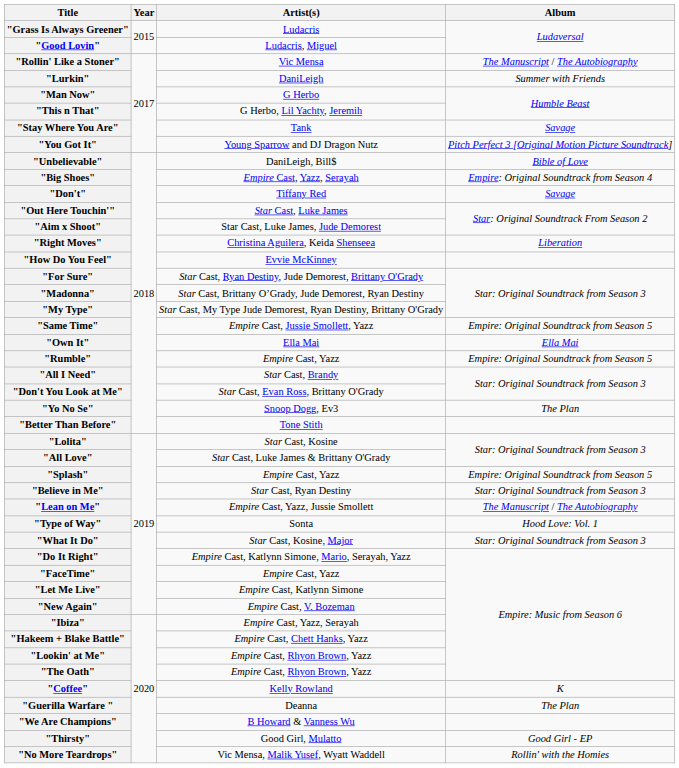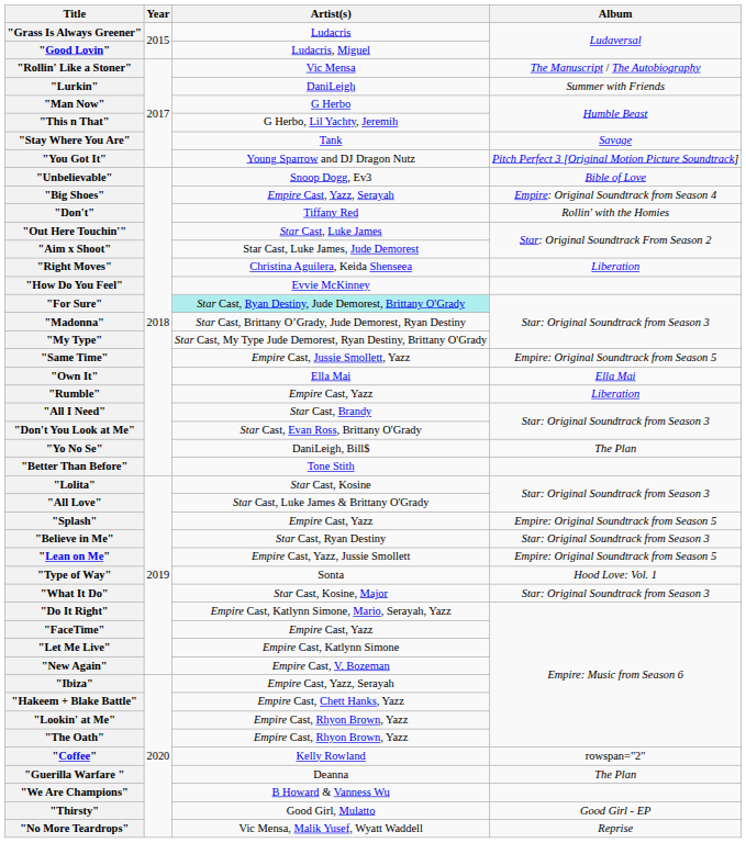 <table class="wikitable sortable plainrowheaders" style="text-align: center;">
 <tr>
 <th scope="col">Title</th>
 <th scope="col">Year</th>
 <th scope="col">Artist(s)</th>
 <th scope="col">Album</th>
 </tr>
 <tr>
 <th scope="row">"Grass Is Always Greener"</th>
 <td rowspan="2">2015</td>
 <td><a href='#'>Ludacris</a></td>
 <td rowspan="2"><em><a href='#'>Ludaversal</a></em></td>
 </tr>
 <tr>
 <th scope="row">"<a href='#'>Good Lovin</a>"</th>
 <td><a href='#'>Ludacris</a>, <a href='#'>Miguel</a></td>
 </tr>
 <tr>
 <th scope="row">"Rollin' Like a Stoner"</th>
 <td rowspan="6">2017</td>
 <td><a href='#'>Vic Mensa</a></td>
 <td><em><a href='#'>The Manuscript</a></em> / <em><a href='#'>The Autobiography</a></em></td>
 </tr>
 <tr>
 <th scope="row">"Lurkin"</th>
 <td><a href='#'>DaniLeigh</a></td>
 <td><em>Summer with Friends</em></td>
 </tr>
 <tr>
 <th scope="row">"Man Now"</th>
 <td><a href='#'>G Herbo</a></td>
 <td rowspan="2"><em><a href='#'>Humble Beast</a></em></td>
 </tr>
 <tr>
 <th scope="row">"This n That"</th>
 <td>G Herbo, <a href='#'>Lil Yachty</a>, <a href='#'>Jeremih</a></td>
 </tr>
 <tr>
 <th scope="row">"Stay Where You Are"</th>
 <td><a href='#'>Tank</a></td>
 <td><em><a href='#'>Savage</a></em></td>
 </tr>
 <tr>
 <th scope="row">"You Got It"</th>
 <td><a href='#'>Young Sparrow</a> and DJ Dragon Nutz</td>
 <td><em><a href='#'>Pitch Perfect 3 [Original Motion Picture Soundtrack</a>]</em></td>
 </tr>
 <tr>
 <th scope="row">"Unbelievable"</th>
 <td rowspan="17">2018</td>
-<td>DaniLeigh, Bill$</td>
+<td><a href='#'>Snoop Dogg</a>, Ev3</td>
 <td><em><a href='#'>Bible of Love</a></em></td>
 </tr>
 <tr>
 <th scope="row">"Big Shoes"</th>
 <td><a href='#'><em>Empire</em> Cast</a>, <a href='#'>Yazz</a>, <a href='#'>Serayah</a></td>
 <td><em><a href='#'>Empire</a>: Original Soundtrack from Season 4</em></td>
 </tr>
 <tr>
 <th scope="row">"Don't"</th>
 <td><a href='#'>Tiffany Red</a></td>
-<td><em><a href='#'>Savage</a></em></td>
+<td><em>Rollin' with the Homies</em></td>
 </tr>
 <tr>
 <th scope="row">"Out Here Touchin'"</th>
 <td><a href='#'><em>Star</em> Cast</a>, <a href='#'>Luke James</a></td>
 <td rowspan="2"><em><a href='#'>Star</a>: Original Soundtrack From Season 2</em></td>
 </tr>
 <tr>
 <th scope="row">"Aim x Shoot"</th>
 <td>Star Cast, Luke James, <a href='#'>Jude Demorest</a></td>
 </tr>
 <tr>
 <th scope="row">"Right Moves"</th>
 <td><a href='#'>Christina Aguilera</a>, Keida <a href='#'>Shenseea</a></td>
 <td><em><a href='#'>Liberation</a></em></td>
 </tr>
 <tr>
 <th scope="row">"How Do You Feel"</th>
 <td><a href='#'>Evvie McKinney</a></td>
 <td></td>
 </tr>
 <tr>
 <th scope="row">"For Sure"</th>
-<td><em>Star</em> Cast, <a href='#'>Ryan Destiny</a>, Jude Demorest, <a href='#'>Brittany O'Grady</a></td>
+<td style="background: paleturquoise;"><em>Star</em> Cast, <a href='#'>Ryan Destiny</a>, Jude Demorest, <a href='#'>Brittany O'Grady</a></td>
 <td rowspan="3"><em>Star: Original Soundtrack from Season 3</em></td>
 </tr>
 <tr>
 <th scope="row">"Madonna"</th>
 <td><em>Star</em> Cast, Brittany O’Grady, Jude Demorest, Ryan Destiny</td>
 </tr>
 <tr>
 <th scope="row">"My Type"</th>
 <td><em>Star</em> Cast, My Type Jude Demorest, Ryan Destiny, Brittany O'Grady</td>
 </tr>
 <tr>
 <th scope="row">"Same Time"</th>
 <td><em>Empire</em> Cast, <a href='#'>Jussie Smollett</a>, Yazz</td>
 <td><em>Empire: Original Soundtrack from Season 5</em></td>
 </tr>
 <tr>
 <th scope="row">"Own It"</th>
 <td><a href='#'>Ella Mai</a></td>
 <td><em><a href='#'>Ella Mai</a></em></td>
 </tr>
 <tr>
 <th scope="row">"Rumble"</th>
 <td><em>Empire</em> Cast, Yazz</td>
-<td><em>Empire: Original Soundtrack from Season 5</em></td>
+<td><em><a href='#'>Liberation</a></em></td>
 </tr>
 <tr>
 <th scope="row">"All I Need"</th>
 <td><em>Star</em> Cast, <a href='#'>Brandy</a></td>
 <td rowspan="2"><em>Star: Original Soundtrack from Season 3</em></td>
 </tr>
 <tr>
 <th scope="row">"Don't You Look at Me"</th>
 <td><em>Star</em> Cast, <a href='#'>Evan Ross</a>, Brittany O'Grady</td>
 </tr>
 <tr>
 <th scope="row">"Yo No Se"</th>
-<td><a href='#'>Snoop Dogg</a>, Ev3</td>
+<td>DaniLeigh, Bill$</td>
 <td><em>The Plan</em></td>
 </tr>
 <tr>
 <th scope="row">"Better Than Before"</th>
 <td><a href='#'>Tone Stith</a></td>
 <td></td>
 </tr>
 <tr>
 <th scope="row">"Lolita"</th>
 <td rowspan="11">2019</td>
 <td><em>Star</em> Cast, Kosine</td>
 <td rowspan="2"><em>Star: Original Soundtrack from Season 3</em></td>
 </tr>
 <tr>
 <th scope="row">"All Love"</th>
 <td><em>Star</em> Cast, Luke James & Brittany O'Grady</td>
 </tr>
 <tr>
 <th scope="row">"Splash"</th>
 <td><em>Empire</em> Cast, Yazz</td>
 <td><em>Empire: Original Soundtrack from Season 5</em></td>
 </tr>
 <tr>
 <th scope="row">"Believe in Me"</th>
 <td><em>Star</em> Cast, Ryan Destiny</td>
 <td><em>Star: Original Soundtrack from Season 3</em></td>
 </tr>
 <tr>
 <th scope="row">"<a href='#'>Lean on Me</a>"</th>
 <td><em>Empire</em> Cast, Yazz, Jussie Smollett</td>
-<td><em><a href='#'>The Manuscript</a></em> / <em><a href='#'>The Autobiography</a></em></td>
+<td><em>Empire: Original Soundtrack from Season 5</em></td>
 </tr>
 <tr>
 <th scope="row">"Type of Way"</th>
 <td>Sonta</td>
 <td><em>Hood Love: Vol. 1</em></td>
 </tr>
 <tr>
 <th scope="row">"What It Do"</th>
 <td><em>Star</em> Cast, Kosine, <a href='#'>Major</a></td>
 <td><em>Star: Original Soundtrack from Season 3</em></td>
 </tr>
 <tr>
 <th scope="row">"Do It Right"</th>
 <td><em>Empire</em> Cast, Katlynn Simone, <a href='#'>Mario</a>, Serayah, Yazz</td>
 <td rowspan="8"><em>Empire: Music from Season 6</em></td>
 </tr>
 <tr>
 <th scope="row">"FaceTime"</th>
 <td><em>Empire</em> Cast, Yazz</td>
 </tr>
 <tr>
 <th scope="row">"Let Me Live"</th>
 <td><em>Empire</em> Cast, Katlynn Simone</td>
 </tr>
 <tr>
 <th scope="row">"New Again"</th>
 <td><em>Empire</em> Cast, <a href='#'>V. Bozeman</a></td>
 </tr>
 <tr>
 <th scope="row">"Ibiza"</th>
 <td rowspan="9">2020</td>
 <td><em>Empire</em> Cast, Yazz, Serayah</td>
 </tr>
 <tr>
 <th scope="row">"Hakeem + Blake Battle"</th>
 <td><em>Empire</em> Cast, <a href='#'>Chett Hanks</a>, Yazz</td>
 </tr>
 <tr>
 <th scope="row">"Lookin' at Me"</th>
 <td><em>Empire</em> Cast, <a href='#'>Rhyon Brown</a>, Yazz</td>
 </tr>
 <tr>
 <th scope="row">"The Oath"</th>
 <td><em>Empire</em> Cast, <a href='#'>Rhyon Brown</a>, Yazz</td>
 </tr>
 <tr>
 <th scope="row">"<a href='#'>Coffee</a>"</th>
 <td><a href='#'>Kelly Rowland</a></td>
-<td><em>K</em></td>
+<td>rowspan="2" </td>
 </tr>
 <tr>
 <th scope="row">"Guerilla Warfare "</th>
 <td>Deanna</td>
 <td><em>The Plan</em></td>
 </tr>
 <tr>
 <th scope="row">"We Are Champions"</th>
 <td><a href='#'>B Howard</a> & <a href='#'>Vanness Wu</a></td>
 </tr>
 <tr>
 <th scope="row">"Thirsty"</th>
 <td>Good Girl, <a href='#'>Mulatto</a></td>
 <td><em>Good Girl - EP</em></td>
 </tr>
 <tr>
 <th scope="row">"No More Teardrops"</th>
 <td>Vic Mensa, <a href='#'>Malik Yusef</a>, Wyatt Waddell</td>
-<td><em>Rollin' with the Homies</em></td>
+<td><em>Reprise</em></td>
 </tr>
 </table>
